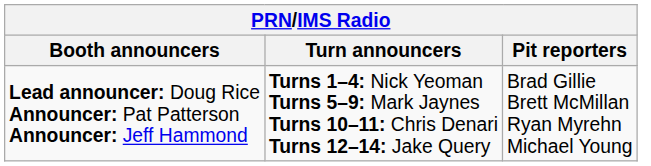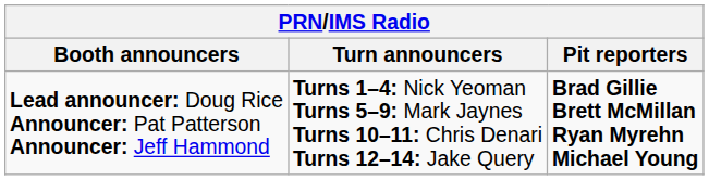 <table class="wikitable" style="font-size: 95%">
 <tr>
 <th colspan="3"><a href='#'>PRN</a>/<a href='#'>IMS Radio</a></th>
 </tr>
 <tr>
 <th>Booth announcers</th>
 <th>Turn announcers</th>
 <th>Pit reporters</th>
 </tr>
 <tr>
 <td><strong>Lead announcer:</strong> Doug Rice<br><strong>Announcer:</strong> Pat Patterson<br><strong>Announcer:</strong> <a href='#'>Jeff Hammond</a></td>
 <td><strong>Turns 1–4:</strong> Nick Yeoman<br><strong>Turns 5–9:</strong> Mark Jaynes<br><strong>Turns 10–11:</strong> Chris Denari<br><strong>Turns 12–14:</strong> Jake Query</td>
-<td>Brad Gillie<br>Brett McMillan<br>Ryan Myrehn<br>Michael Young</td>
+<td><strong>Brad Gillie<br>Brett McMillan<br>Ryan Myrehn<br>Michael Young</strong></td>
 </tr>
 </table>
